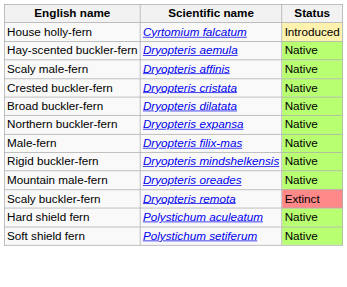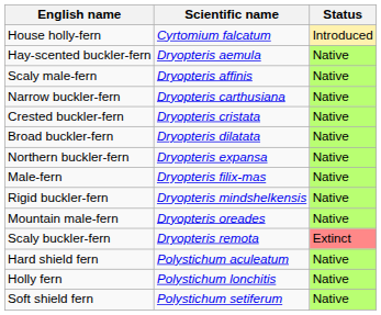 <table class="wikitable" |>
 <tr>
 <th>English name</th>
 <th>Scientific name</th>
 <th>Status</th>
 </tr>
 <tr>
 <td>House holly-fern</td>
 <td><em><a href='#'>Cyrtomium falcatum</a></em></td>
 <td style="background: #FFF2AE; text-align: ">Introduced</td>
 </tr>
 <tr>
 <td>Hay-scented buckler-fern</td>
 <td><em><a href='#'>Dryopteris aemula</a></em></td>
 <td style="background: #B9FF72; text-align: ">Native</td>
 </tr>
 <tr>
 <td>Scaly male-fern</td>
 <td><em><a href='#'>Dryopteris affinis</a></em></td>
+<td style="background: #B9FF72; text-align: ">Native</td>
+</tr>
+<tr>
+<td>Narrow buckler-fern</td>
+<td><em><a href='#'>Dryopteris carthusiana</a></em></td>
 <td style="background: #B9FF72; text-align: ">Native</td>
 </tr>
 <tr>
 <td>Crested buckler-fern</td>
 <td><em><a href='#'>Dryopteris cristata</a></em></td>
 <td style="background: #B9FF72; text-align: ">Native</td>
 </tr>
 <tr>
 <td>Broad buckler-fern</td>
 <td><em><a href='#'>Dryopteris dilatata</a></em></td>
 <td style="background: #B9FF72; text-align: ">Native</td>
 </tr>
 <tr>
 <td>Northern buckler-fern</td>
 <td><em><a href='#'>Dryopteris expansa</a></em></td>
 <td style="background: #B9FF72; text-align: ">Native</td>
 </tr>
 <tr>
 <td>Male-fern</td>
 <td><em><a href='#'>Dryopteris filix-mas</a></em></td>
 <td style="background: #B9FF72; text-align: ">Native</td>
 </tr>
 <tr>
 <td>Rigid buckler-fern</td>
 <td><em><a href='#'>Dryopteris mindshelkensis</a></em></td>
 <td style="background: #B9FF72; text-align: ">Native</td>
 </tr>
 <tr>
 <td>Mountain male-fern</td>
 <td><em><a href='#'>Dryopteris oreades</a></em></td>
 <td style="background: #B9FF72; text-align: ">Native</td>
 </tr>
 <tr>
 <td>Scaly buckler-fern</td>
 <td><em><a href='#'>Dryopteris remota</a></em></td>
 <td style="background: #FF8888; text-align: ">Extinct</td>
 </tr>
 <tr>
 <td>Hard shield fern</td>
 <td><em><a href='#'>Polystichum aculeatum</a></em></td>
 <td style="background: #B9FF72; text-align: ">Native</td>
 </tr>
 <tr>
+<td>Holly fern</td>
+<td><em><a href='#'>Polystichum lonchitis</a></em></td>
+<td style="background: #B9FF72; text-align: ">Native</td>
+</tr>
+<tr>
 <td>Soft shield fern</td>
 <td><em><a href='#'>Polystichum setiferum</a></em></td>
 <td style="background: #B9FF72; text-align: ">Native</td>
 </tr>
 </table>
